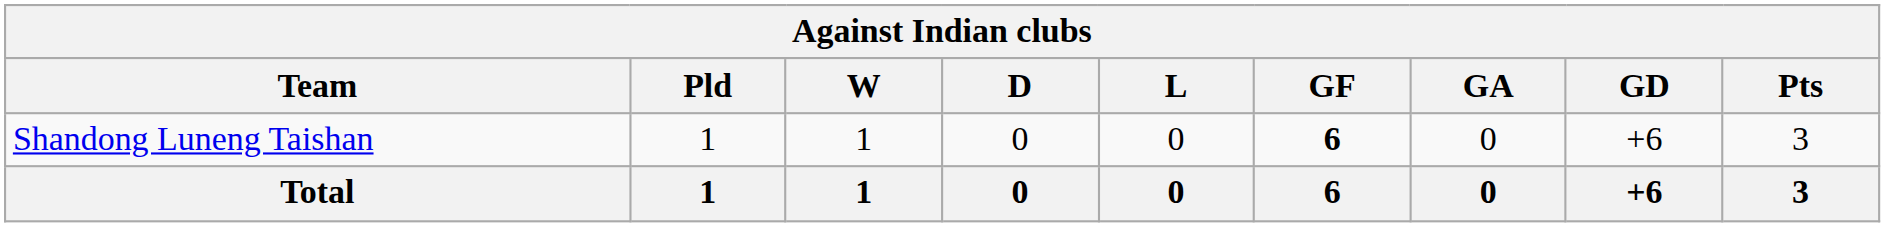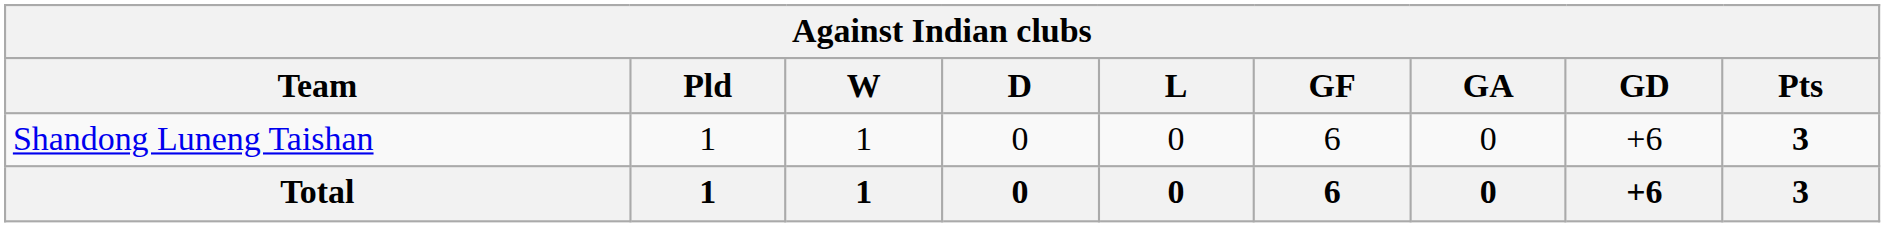 <table width=70% class="wikitable" style="text-align:center">
 <tr>
 <th colspan=9>Against Indian clubs</th>
 </tr>
 <tr>
 <th width=20%>Team</th>
 <th width=5%>Pld</th>
 <th width=5%>W</th>
 <th width=5%>D</th>
 <th width=5%>L</th>
 <th width=5%>GF</th>
 <th width=5%>GA</th>
 <th width=5%>GD</th>
 <th width=5%>Pts</th>
 </tr>
 <tr>
 <td align=left> <a href='#'>Shandong Luneng Taishan</a></td>
 <td>1</td>
 <td>1</td>
 <td>0</td>
 <td>0</td>
-<td><strong>6</strong></td>
+<td>6</td>
 <td>0</td>
 <td>+6</td>
-<td>3</td>
+<td><strong>3</strong></td>
 </tr>
 <tr>
 <th>Total</th>
 <th>1</th>
 <th>1</th>
 <th>0</th>
 <th>0</th>
 <th>6</th>
 <th>0</th>
 <th>+6</th>
 <th>3</th>
 </tr>
 </table>
